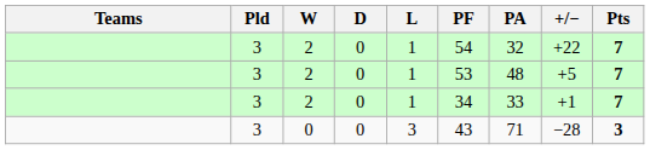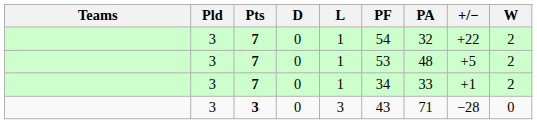 <table class="wikitable" style="text-align: center;">
 <tr>
 <th width="200">Teams</th>
 <th width="40">Pld</th>
-<th width="40">W</th>
+<th width="40">Pts</th>
 <th width="40">D</th>
 <th width="40">L</th>
 <th width="40">PF</th>
 <th width="40">PA</th>
 <th width="40">+/−</th>
-<th width="40">Pts</th>
+<th width="40">W</th>
 </tr>
 <tr bgcolor=ccffcc>
 <td align=left></td>
 <td>3</td>
-<td>2</td>
+<td><strong>7</strong></td>
 <td>0</td>
 <td>1</td>
 <td>54</td>
 <td>32</td>
 <td>+22</td>
-<td><strong>7</strong></td>
+<td>2</td>
 </tr>
 <tr bgcolor=ccffcc>
 <td align=left></td>
 <td>3</td>
-<td>2</td>
+<td><strong>7</strong></td>
 <td>0</td>
 <td>1</td>
 <td>53</td>
 <td>48</td>
 <td>+5</td>
-<td><strong>7</strong></td>
+<td>2</td>
 </tr>
 <tr bgcolor=ccffcc>
 <td align=left></td>
 <td>3</td>
-<td>2</td>
+<td><strong>7</strong></td>
 <td>0</td>
 <td>1</td>
 <td>34</td>
 <td>33</td>
 <td>+1</td>
-<td><strong>7</strong></td>
+<td>2</td>
 </tr>
 <tr>
 <td align=left></td>
 <td>3</td>
-<td>0</td>
+<td><strong>3</strong></td>
 <td>0</td>
 <td>3</td>
 <td>43</td>
 <td>71</td>
 <td>−28</td>
-<td><strong>3</strong></td>
+<td>0</td>
 </tr>
 </table>
